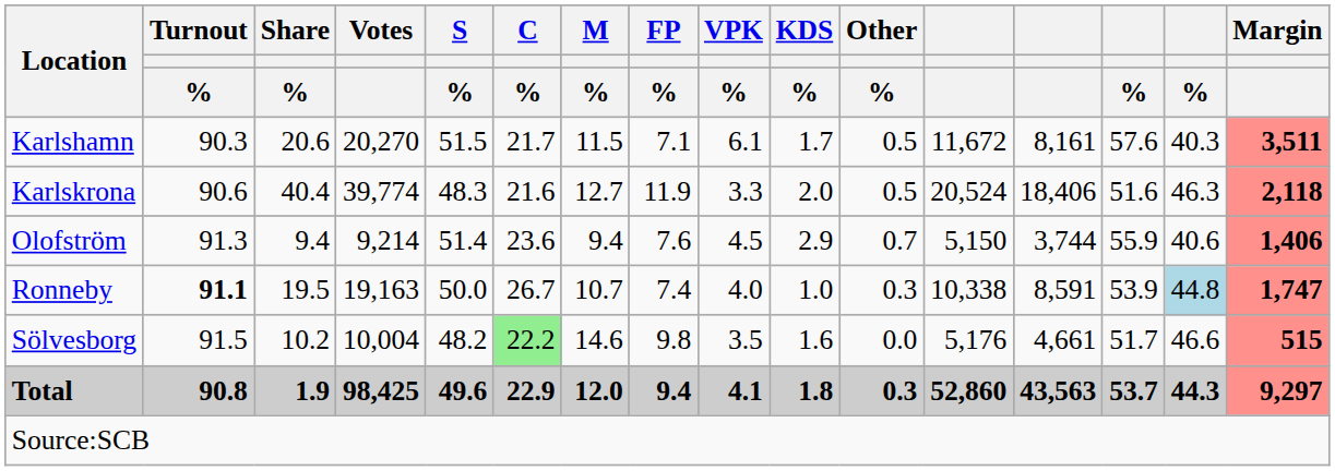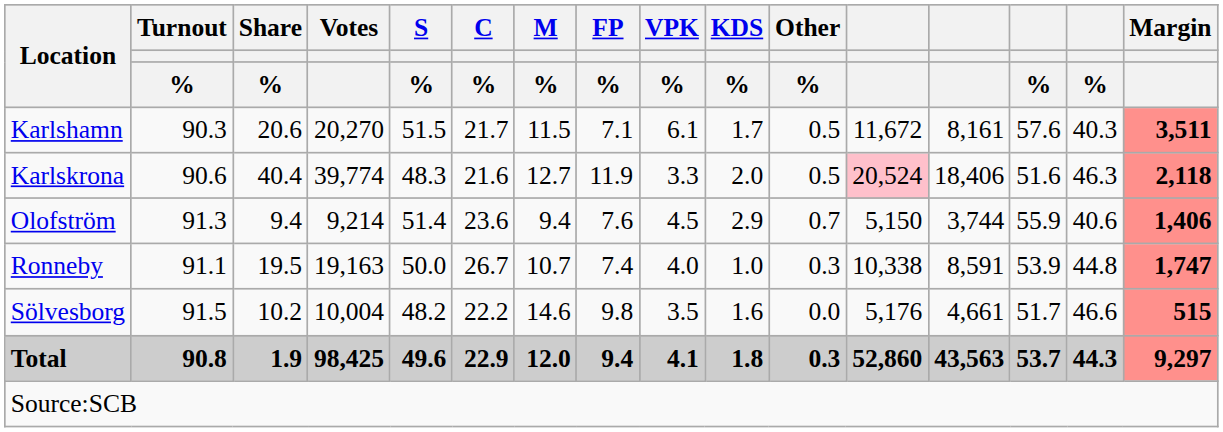 <table class="wikitable sortable" style="text-align:right; font-size:95%; line-height:20px;">
 <tr>
 <th rowspan="3">Location</th>
 <th>Turnout</th>
 <th>Share</th>
 <th>Votes</th>
 <th width="30px" class="unsortable"><a href='#'>S</a></th>
 <th width="30px" class="unsortable"><a href='#'>C</a></th>
 <th width="30px" class="unsortable"><a href='#'>M</a></th>
 <th width="30px" class="unsortable"><a href='#'>FP</a></th>
 <th width="30px" class="unsortable"><a href='#'>VPK</a></th>
 <th width="30px" class="unsortable"><a href='#'>KDS</a></th>
 <th width="30px" class="unsortable">Other</th>
 <th></th>
 <th></th>
 <th></th>
 <th></th>
 <th>Margin</th>
 </tr>
 <tr>
 <th></th>
 <th></th>
 <th></th>
 <th style="background:"></th>
 <th style="background:"></th>
 <th style="background:"></th>
 <th style="background:"></th>
 <th style="background:"></th>
 <th style="background:"></th>
 <th style="background:"></th>
 <th style="background:"></th>
 <th style="background:"></th>
 <th style="background:"></th>
 <th style="background:"></th>
 <th></th>
 </tr>
 <tr>
 <th data-sort-type="number">%</th>
 <th data-sort-type="number">%</th>
 <th></th>
 <th data-sort-type="number">%</th>
 <th data-sort-type="number">%</th>
 <th data-sort-type="number">%</th>
 <th data-sort-type="number">%</th>
 <th data-sort-type="number">%</th>
 <th data-sort-type="number">%</th>
 <th data-sort-type="number">%</th>
 <th data-sort-type="number"></th>
 <th data-sort-type="number"></th>
 <th data-sort-type="number">%</th>
 <th data-sort-type="number">%</th>
 <th data-sort-type="number"></th>
 </tr>
 <tr>
 <td align=left><a href='#'>Karlshamn</a></td>
 <td>90.3</td>
 <td>20.6</td>
 <td>20,270</td>
 <td>51.5</td>
 <td>21.7</td>
 <td>11.5</td>
 <td>7.1</td>
 <td>6.1</td>
 <td>1.7</td>
 <td>0.5</td>
 <td>11,672</td>
 <td>8,161</td>
 <td>57.6</td>
 <td>40.3</td>
 <td bgcolor=#ff908c><strong>3,511</strong></td>
 </tr>
 <tr>
 <td align=left><a href='#'>Karlskrona</a></td>
 <td>90.6</td>
 <td>40.4</td>
 <td>39,774</td>
 <td>48.3</td>
 <td>21.6</td>
 <td>12.7</td>
 <td>11.9</td>
 <td>3.3</td>
 <td>2.0</td>
 <td>0.5</td>
-<td>20,524</td>
+<td style="background: pink;">20,524</td>
 <td>18,406</td>
 <td>51.6</td>
 <td>46.3</td>
 <td bgcolor=#ff908c><strong>2,118</strong></td>
 </tr>
 <tr>
 <td align=left><a href='#'>Olofström</a></td>
 <td>91.3</td>
 <td>9.4</td>
 <td>9,214</td>
 <td>51.4</td>
 <td>23.6</td>
 <td>9.4</td>
 <td>7.6</td>
 <td>4.5</td>
 <td>2.9</td>
 <td>0.7</td>
 <td>5,150</td>
 <td>3,744</td>
 <td>55.9</td>
 <td>40.6</td>
 <td bgcolor=#ff908c><strong>1,406</strong></td>
 </tr>
 <tr>
 <td align=left><a href='#'>Ronneby</a></td>
-<td><strong>91.1</strong></td>
+<td>91.1</td>
 <td>19.5</td>
 <td>19,163</td>
 <td>50.0</td>
 <td>26.7</td>
 <td>10.7</td>
 <td>7.4</td>
 <td>4.0</td>
 <td>1.0</td>
 <td>0.3</td>
 <td>10,338</td>
 <td>8,591</td>
 <td>53.9</td>
-<td style="background: lightblue;">44.8</td>
+<td>44.8</td>
 <td bgcolor=#ff908c><strong>1,747</strong></td>
 </tr>
 <tr>
 <td align=left><a href='#'>Sölvesborg</a></td>
 <td>91.5</td>
 <td>10.2</td>
 <td>10,004</td>
 <td>48.2</td>
-<td style="background: lightgreen;">22.2</td>
+<td>22.2</td>
 <td>14.6</td>
 <td>9.8</td>
 <td>3.5</td>
 <td>1.6</td>
 <td>0.0</td>
 <td>5,176</td>
 <td>4,661</td>
 <td>51.7</td>
 <td>46.6</td>
 <td bgcolor=#ff908c><strong>515</strong></td>
 </tr>
 <tr style="background:#CDCDCD;">
 <td align=left><strong>Total</strong></td>
 <td><strong>90.8</strong></td>
 <td><strong>1.9</strong></td>
 <td><strong>98,425</strong></td>
 <td><strong>49.6</strong></td>
 <td><strong>22.9</strong></td>
 <td><strong>12.0</strong></td>
 <td><strong>9.4</strong></td>
 <td><strong>4.1</strong></td>
 <td><strong>1.8</strong></td>
 <td><strong>0.3</strong></td>
 <td><strong>52,860</strong></td>
 <td><strong>43,563</strong></td>
 <td><strong>53.7</strong></td>
 <td><strong>44.3</strong></td>
 <td bgcolor=#ff908c><strong>9,297</strong></td>
 </tr>
 <tr>
 <td align=left colspan=16>Source:SCB </td>
 </tr>
 </table>
